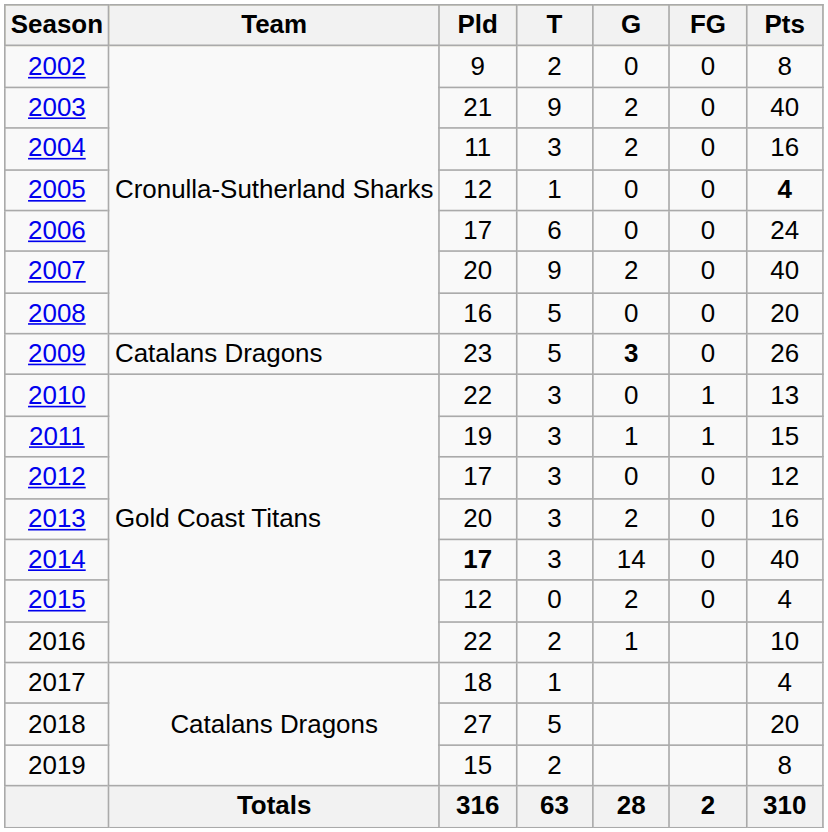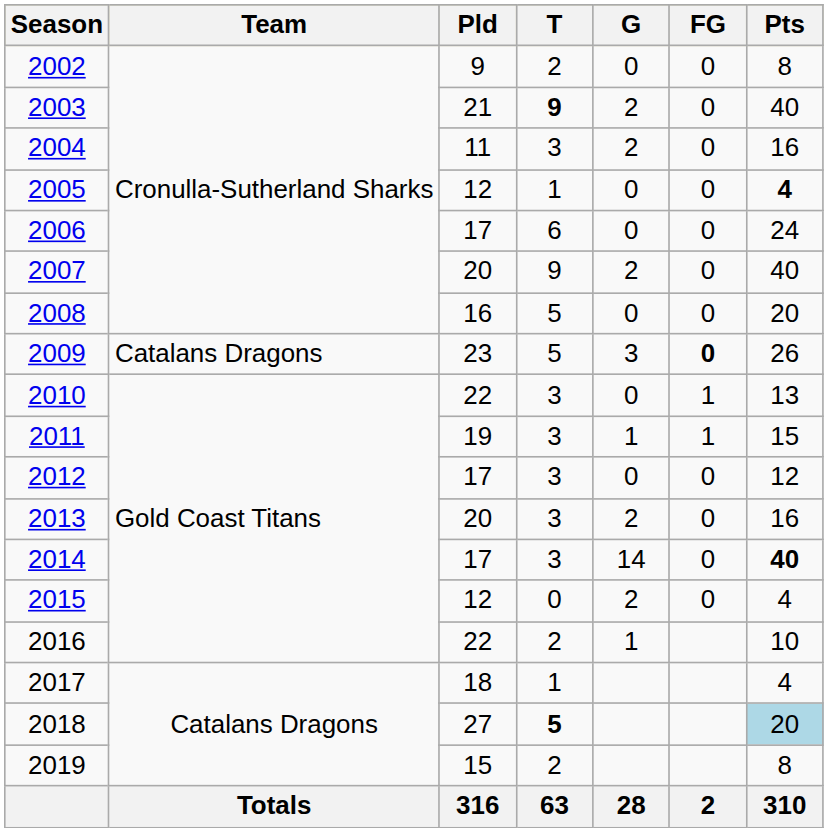 <table class="wikitable" style="border-collapse:collapse;text-align:center">
 <tr bgcolor="#bdb76b">
 <th>Season</th>
 <th>Team</th>
 <th width="40">Pld</th>
 <th width="40">T</th>
 <th width="40">G</th>
 <th width="40">FG</th>
 <th width="40">Pts</th>
 </tr>
 <tr>
 <td><a href='#'>2002</a></td>
 <td rowspan="7" align="left"> Cronulla-Sutherland Sharks</td>
 <td>9</td>
 <td>2</td>
 <td>0</td>
 <td>0</td>
 <td>8</td>
 </tr>
 <tr>
 <td><a href='#'>2003</a></td>
 <td>21</td>
-<td>9</td>
+<td><strong>9</strong></td>
 <td>2</td>
 <td>0</td>
 <td>40</td>
 </tr>
 <tr>
 <td><a href='#'>2004</a></td>
 <td>11</td>
 <td>3</td>
 <td>2</td>
 <td>0</td>
 <td>16</td>
 </tr>
 <tr>
 <td><a href='#'>2005</a></td>
 <td>12</td>
 <td>1</td>
 <td>0</td>
 <td>0</td>
 <td><strong>4</strong></td>
 </tr>
 <tr>
 <td><a href='#'>2006</a></td>
 <td>17</td>
 <td>6</td>
 <td>0</td>
 <td>0</td>
 <td>24</td>
 </tr>
 <tr>
 <td><a href='#'>2007</a></td>
 <td>20</td>
 <td>9</td>
 <td>2</td>
 <td>0</td>
 <td>40</td>
 </tr>
 <tr>
 <td><a href='#'>2008</a></td>
 <td>16</td>
 <td>5</td>
 <td>0</td>
 <td>0</td>
 <td>20</td>
 </tr>
 <tr>
 <td><a href='#'>2009</a></td>
 <td align="left"> Catalans Dragons</td>
 <td>23</td>
 <td>5</td>
-<td><strong>3</strong></td>
-<td>0</td>
+<td>3</td>
+<td><strong>0</strong></td>
 <td>26</td>
 </tr>
 <tr>
 <td><a href='#'>2010</a></td>
 <td rowspan="7" align="left"> Gold Coast Titans</td>
 <td>22</td>
 <td>3</td>
 <td>0</td>
 <td>1</td>
 <td>13</td>
 </tr>
 <tr>
 <td><a href='#'>2011</a></td>
 <td>19</td>
 <td>3</td>
 <td>1</td>
 <td>1</td>
 <td>15</td>
 </tr>
 <tr>
 <td><a href='#'>2012</a></td>
 <td>17</td>
 <td>3</td>
 <td>0</td>
 <td>0</td>
 <td>12</td>
 </tr>
 <tr>
 <td><a href='#'>2013</a></td>
 <td>20</td>
 <td>3</td>
 <td>2</td>
 <td>0</td>
 <td>16</td>
 </tr>
 <tr>
 <td><a href='#'>2014</a></td>
-<td><strong>17</strong></td>
+<td>17</td>
 <td>3</td>
 <td>14</td>
 <td>0</td>
-<td>40</td>
+<td><strong>40</strong></td>
 </tr>
 <tr>
 <td><a href='#'>2015</a></td>
 <td>12</td>
 <td>0</td>
 <td>2</td>
 <td>0</td>
 <td>4</td>
 </tr>
 <tr>
 <td>2016</td>
 <td>22</td>
 <td>2</td>
 <td>1</td>
 <td></td>
 <td>10</td>
 </tr>
 <tr>
 <td>2017</td>
 <td rowspan="3"> Catalans Dragons</td>
 <td>18</td>
 <td>1</td>
 <td></td>
 <td></td>
 <td>4</td>
 </tr>
 <tr>
 <td>2018</td>
 <td>27</td>
-<td>5</td>
+<td><strong>5</strong></td>
 <td></td>
 <td></td>
-<td>20</td>
+<td style="background: lightblue;">20</td>
 </tr>
 <tr>
 <td>2019</td>
 <td>15</td>
 <td>2</td>
 <td></td>
 <td></td>
 <td>8</td>
 </tr>
 <tr>
 <th></th>
 <th>Totals</th>
 <th>316</th>
 <th>63</th>
 <th>28</th>
 <th>2</th>
 <th>310</th>
 </tr>
 </table>
